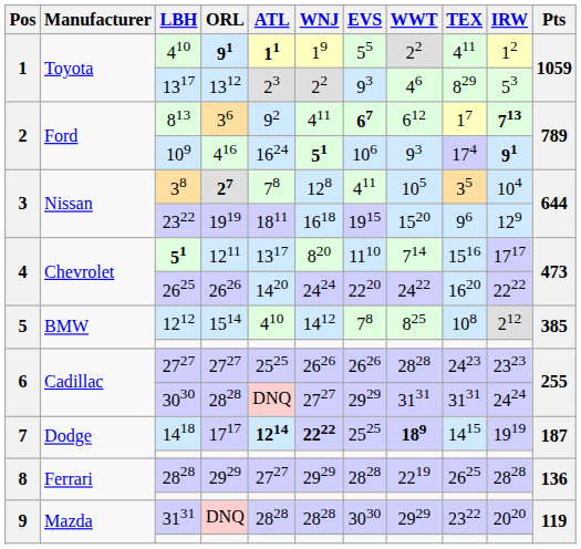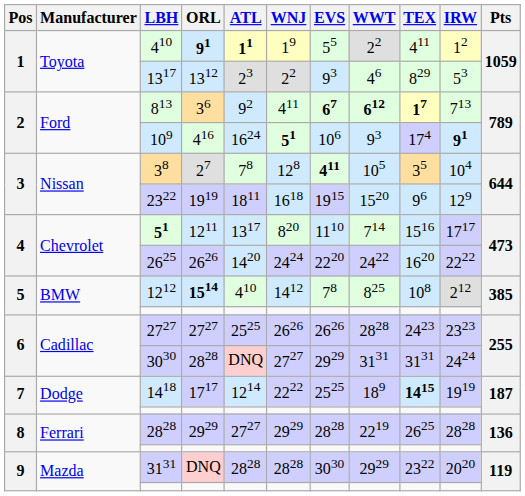 <table class="wikitable" style="font-size:85%;text-align:center">
 <tr>
 <th>Pos</th>
 <th>Manufacturer</th>
 <th><a href='#'>LBH</a></th>
 <th>ORL</th>
 <th><a href='#'>ATL</a></th>
 <th><a href='#'>WNJ</a></th>
 <th><a href='#'>EVS</a></th>
 <th><a href='#'>WWT</a></th>
 <th><a href='#'>TEX</a></th>
 <th><a href='#'>IRW</a></th>
 <th>Pts</th>
 </tr>
 <tr>
 <th rowspan=2>1</th>
 <td rowspan=2 align=left> <a href='#'>Toyota</a></td>
 <td style="background:#dfffdf;">4<sup>10</sup></td>
 <td style="background:#cfeaff;"><strong>9<sup>1</sup></strong></td>
 <td style="background:#ffffbf;"><strong>1<sup>1</sup></strong></td>
 <td style="background:#ffffbf;">1<sup>9</sup></td>
 <td style="background:#dfffdf;">5<sup>5</sup></td>
 <td style="background:#dfdfdf;">2<sup>2</sup></td>
 <td style="background:#dfffdf;">4<sup>11</sup></td>
 <td style="background:#ffffbf;">1<sup>2</sup></td>
 <th rowspan=2>1059</th>
 </tr>
 <tr>
 <td style="background:#cfeaff;">13<sup>17</sup></td>
 <td style="background:#cfeaff;">13<sup>12</sup></td>
 <td style="background:#dfdfdf;">2<sup>3</sup></td>
 <td style="background:#dfdfdf;">2<sup>2</sup></td>
 <td style="background:#cfeaff;">9<sup>3</sup></td>
 <td style="background:#dfffdf;">4<sup>6</sup></td>
 <td style="background:#dfffdf;">8<sup>29</sup></td>
 <td style="background:#dfffdf;">5<sup>3</sup></td>
 </tr>
 <tr>
 <th rowspan=2>2</th>
 <td rowspan=2 align=left> <a href='#'>Ford</a></td>
 <td style="background:#dfffdf;">8<sup>13</sup></td>
 <td style="background:#ffdf9f;">3<sup>6</sup></td>
 <td style="background:#cfeaff;">9<sup>2</sup></td>
 <td style="background:#dfffdf;">4<sup>11</sup></td>
 <td style="background:#dfffdf;"><strong>6<sup>7</sup></strong></td>
-<td style="background:#dfffdf;">6<sup>12</sup></td>
-<td style="background:#ffffbf;">1<sup>7</sup></td>
-<td style="background:#dfffdf;"><strong>7<sup>13</sup></strong></td>
+<td style="background:#dfffdf;"><strong>6<sup>12</sup></strong></td>
+<td style="background:#ffffbf;"><strong>1<sup>7</sup></strong></td>
+<td style="background:#dfffdf;">7<sup>13</sup></td>
 <th rowspan=2>789</th>
 </tr>
 <tr>
 <td style="background:#cfeaff;">10<sup>9</sup></td>
 <td style="background:#dfffdf;">4<sup>16</sup></td>
 <td style="background:#cfeaff;">16<sup>24</sup></td>
 <td style="background:#dfffdf;"><strong>5<sup>1</sup></strong></td>
 <td style="background:#cfeaff;">10<sup>6</sup></td>
 <td style="background:#cfeaff;">9<sup>3</sup></td>
 <td style="background:#cfcfff;">17<sup>4</sup></td>
 <td style="background:#cfeaff;"><strong>9<sup>1</sup></strong></td>
 </tr>
 <tr>
 <th rowspan=2>3</th>
 <td rowspan=2 align=left> <a href='#'>Nissan</a></td>
 <td style="background:#ffdf9f;">3<sup>8</sup></td>
-<td style="background:#dfdfdf;"><strong>2<sup>7</sup></strong></td>
+<td style="background:#dfdfdf;">2<sup>7</sup></td>
 <td style="background:#dfffdf;">7<sup>8</sup></td>
 <td style="background:#cfeaff;">12<sup>8</sup></td>
-<td style="background:#dfffdf;">4<sup>11</sup></td>
+<td style="background:#dfffdf;"><strong>4<sup>11</sup></strong></td>
 <td style="background:#cfeaff;">10<sup>5</sup></td>
 <td style="background:#ffdf9f;">3<sup>5</sup></td>
 <td style="background:#cfeaff;">10<sup>4</sup></td>
 <th rowspan=2>644</th>
 </tr>
 <tr>
 <td style="background:#cfcfff;">23<sup>22</sup></td>
 <td style="background:#cfcfff;">19<sup>19</sup></td>
 <td style="background:#cfcfff;">18<sup>11</sup></td>
 <td style="background:#cfeaff;">16<sup>18</sup></td>
 <td style="background:#cfcfff;">19<sup>15</sup></td>
 <td style="background:#cfeaff;">15<sup>20</sup></td>
 <td style="background:#cfeaff;">9<sup>6</sup></td>
 <td style="background:#cfeaff;">12<sup>9</sup></td>
 </tr>
 <tr>
 <th rowspan=2>4</th>
 <td rowspan=2 align=left> <a href='#'>Chevrolet</a></td>
 <td style="background:#dfffdf;"><strong>5<sup>1</sup></strong></td>
 <td style="background:#cfeaff;">12<sup>11</sup></td>
 <td style="background:#cfeaff;">13<sup>17</sup></td>
 <td style="background:#dfffdf;">8<sup>20</sup></td>
 <td style="background:#cfeaff;">11<sup>10</sup></td>
 <td style="background:#dfffdf;">7<sup>14</sup></td>
 <td style="background:#cfeaff;">15<sup>16</sup></td>
 <td style="background:#cfcfff;">17<sup>17</sup></td>
 <th rowspan=2>473</th>
 </tr>
 <tr>
 <td style="background:#cfcfff;">26<sup>25</sup></td>
 <td style="background:#cfcfff;">26<sup>26</sup></td>
 <td style="background:#cfeaff;">14<sup>20</sup></td>
 <td style="background:#cfcfff;">24<sup>24</sup></td>
 <td style="background:#cfcfff;">22<sup>20</sup></td>
 <td style="background:#cfcfff;">24<sup>22</sup></td>
 <td style="background:#cfeaff;">16<sup>20</sup></td>
 <td style="background:#cfcfff;">22<sup>22</sup></td>
 </tr>
 <tr>
 <th rowspan=2>5</th>
 <td rowspan=2 align=left> <a href='#'>BMW</a></td>
 <td style="background:#cfeaff;">12<sup>12</sup></td>
-<td style="background:#cfeaff;">15<sup>14</sup></td>
+<td style="background:#cfeaff;"><strong>15<sup>14</sup></strong></td>
 <td style="background:#dfffdf;">4<sup>10</sup></td>
 <td style="background:#cfeaff;">14<sup>12</sup></td>
 <td style="background:#dfffdf;">7<sup>8</sup></td>
 <td style="background:#dfffdf;">8<sup>25</sup></td>
 <td style="background:#cfeaff;">10<sup>8</sup></td>
 <td style="background:#dfdfdf;">2<sup>12</sup></td>
 <th rowspan=2>385</th>
 </tr>
 <tr>
 <td></td>
 <td></td>
 <td></td>
 <td></td>
 <td></td>
 <td></td>
 <td></td>
 <td></td>
 </tr>
 <tr>
 <th rowspan=2>6</th>
 <td rowspan=2 align=left> <a href='#'>Cadillac</a></td>
 <td style="background:#cfcfff;">27<sup>27</sup></td>
 <td style="background:#cfcfff;">27<sup>27</sup></td>
 <td style="background:#cfcfff;">25<sup>25</sup></td>
 <td style="background:#cfcfff;">26<sup>26</sup></td>
 <td style="background:#cfcfff;">26<sup>26</sup></td>
 <td style="background:#cfcfff;">28<sup>28</sup></td>
 <td style="background:#cfcfff;">24<sup>23</sup></td>
 <td style="background:#cfcfff;">23<sup>23</sup></td>
 <th rowspan=2>255</th>
 </tr>
 <tr>
 <td style="background:#cfcfff;">30<sup>30</sup></td>
 <td style="background:#cfcfff;">28<sup>28</sup></td>
 <td style="background:#ffcfcf;">DNQ</td>
 <td style="background:#cfcfff;">27<sup>27</sup></td>
 <td style="background:#cfcfff;">29<sup>29</sup></td>
 <td style="background:#cfcfff;">31<sup>31</sup></td>
 <td style="background:#cfcfff;">31<sup>31</sup></td>
 <td style="background:#cfcfff;">24<sup>24</sup></td>
 </tr>
 <tr>
 <th rowspan=2>7</th>
 <td rowspan=2 align=left> <a href='#'>Dodge</a></td>
 <td style="background:#cfeaff;">14<sup>18</sup></td>
 <td style="background:#cfcfff;">17<sup>17</sup></td>
-<td style="background:#cfeaff;"><strong>12<sup>14</sup></strong></td>
-<td style="background:#cfcfff;"><strong>22<sup>22</sup></strong></td>
+<td style="background:#cfeaff;">12<sup>14</sup></td>
+<td style="background:#cfcfff;">22<sup>22</sup></td>
 <td style="background:#cfcfff;">25<sup>25</sup></td>
-<td style="background:#cfcfff;"><strong>18<sup>9</sup></strong></td>
-<td style="background:#cfeaff;">14<sup>15</sup></td>
+<td style="background:#cfcfff;">18<sup>9</sup></td>
+<td style="background:#cfeaff;"><strong>14<sup>15</sup></strong></td>
 <td style="background:#cfcfff;">19<sup>19</sup></td>
 <th rowspan=2>187</th>
 </tr>
 <tr>
 <td></td>
 <td></td>
 <td></td>
 <td></td>
 <td></td>
 <td></td>
 <td></td>
 <td></td>
 </tr>
 <tr>
 <th rowspan=2>8</th>
 <td rowspan=2 align=left> <a href='#'>Ferrari</a></td>
 <td style="background:#cfcfff;">28<sup>28</sup></td>
 <td style="background:#cfcfff;">29<sup>29</sup></td>
 <td style="background:#cfcfff;">27<sup>27</sup></td>
 <td style="background:#cfcfff;">29<sup>29</sup></td>
 <td style="background:#cfcfff;">28<sup>28</sup></td>
 <td style="background:#cfcfff;">22<sup>19</sup></td>
 <td style="background:#cfcfff;">26<sup>25</sup></td>
 <td style="background:#cfcfff;">28<sup>28</sup></td>
 <th rowspan=2>136</th>
 </tr>
 <tr>
 <td></td>
 <td></td>
 <td></td>
 <td></td>
 <td></td>
 <td></td>
 <td></td>
 <td></td>
 </tr>
 <tr>
 <th rowspan=2>9</th>
 <td rowspan=2 align=left> <a href='#'>Mazda</a></td>
 <td style="background:#cfcfff;">31<sup>31</sup></td>
 <td style="background:#ffcfcf;">DNQ</td>
 <td style="background:#cfcfff;">28<sup>28</sup></td>
 <td style="background:#cfcfff;">28<sup>28</sup></td>
 <td style="background:#cfcfff;">30<sup>30</sup></td>
 <td style="background:#cfcfff;">29<sup>29</sup></td>
 <td style="background:#cfcfff;">23<sup>22</sup></td>
 <td style="background:#cfcfff;">20<sup>20</sup></td>
 <th rowspan=2>119</th>
 </tr>
 <tr>
 <td></td>
 <td></td>
 <td></td>
 <td></td>
 <td></td>
 <td></td>
 <td></td>
 <td></td>
 </tr>
 </table>
